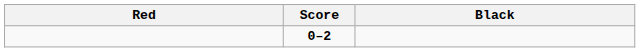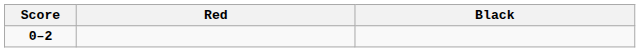 <table class="wikitable" style="text-align: center;">
 <tr>
+<th width="65">Score</th>
 <th align="right" width="270">Red</th>
-<th width="65">Score</th>
 <th align="left" width="270">Black</th>
 </tr>
 <tr>
+<td align=center><strong>0–2</strong></td>
 <td align=left></td>
-<td align=center><strong>0–2</strong></td>
 <td align=left><strong></strong></td>
 </tr>
 </table>
